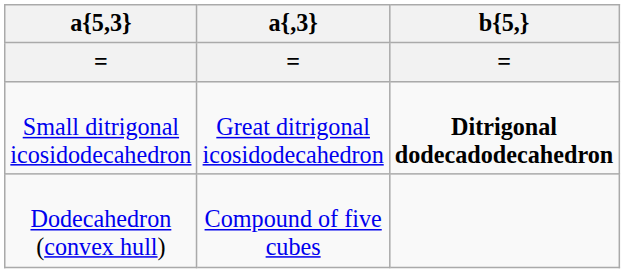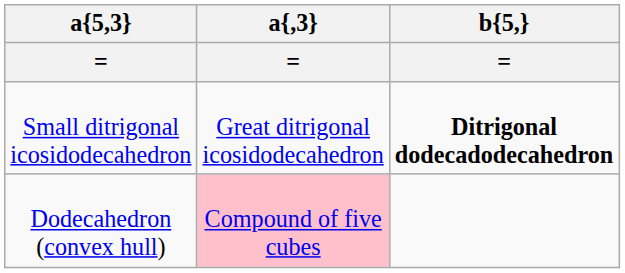 <table class="wikitable" width="400" style="vertical-align:top;text-align:center">
 <tr>
 <th>a{5,3}</th>
 <th>a{,3}</th>
 <th>b{5,}</th>
 </tr>
 <tr>
 <th> = </th>
 <th> = </th>
 <th> = </th>
 </tr>
 <tr>
 <td align=center><br><a href='#'>Small ditrigonal icosidodecahedron</a></td>
 <td align=center><br><a href='#'>Great ditrigonal icosidodecahedron</a></td>
 <td align=center><br><strong>Ditrigonal dodecadodecahedron</strong></td>
 </tr>
 <tr>
 <td align=center><br><a href='#'>Dodecahedron</a> (<a href='#'>convex hull</a>)</td>
-<td align=center><br><a href='#'>Compound of five cubes</a></td>
+<td align=center style="background: pink;"><br><a href='#'>Compound of five cubes</a></td>
 </tr>
 </table>
